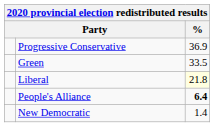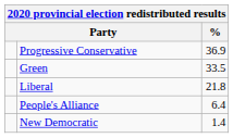 <table class="wikitable">
 <tr>
 <th colspan="4"><a href='#'>2020 provincial election</a> redistributed results</th>
 </tr>
 <tr>
 <th bgcolor="#DDDDFF" width="130px" colspan="2">Party</th>
 <th bgcolor="#DDDDFF" width="30px">%</th>
 </tr>
 <tr>
 <td> </td>
 <td><a href='#'>Progressive Conservative</a></td>
 <td align=right>36.9</td>
 </tr>
 <tr>
 <td> </td>
 <td><a href='#'>Green</a></td>
 <td align=right>33.5</td>
 </tr>
 <tr>
 <td> </td>
 <td><a href='#'>Liberal</a></td>
-<td align=right style="background: lightyellow;">21.8</td>
+<td align=right>21.8</td>
 </tr>
 <tr>
 <td> </td>
 <td><a href='#'>People's Alliance</a></td>
-<td align=right><strong>6.4</strong></td>
+<td align=right>6.4</td>
 </tr>
 <tr>
 <td> </td>
 <td><a href='#'>New Democratic</a></td>
 <td align=right>1.4</td>
 </tr>
 </table>
